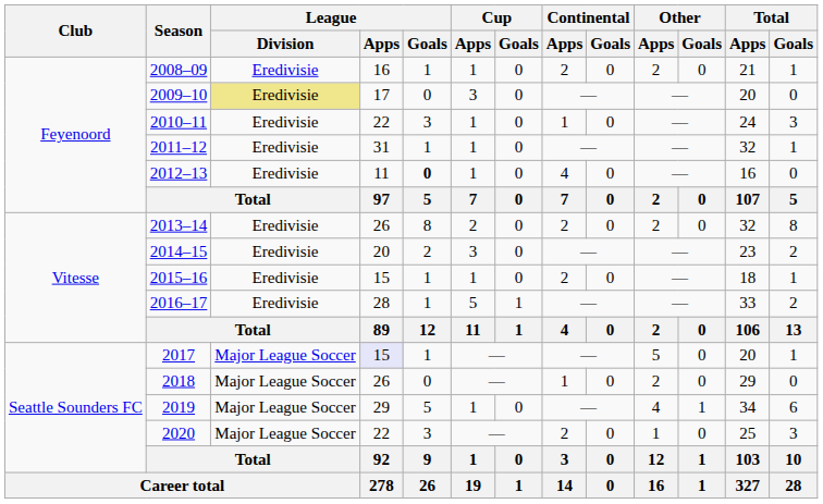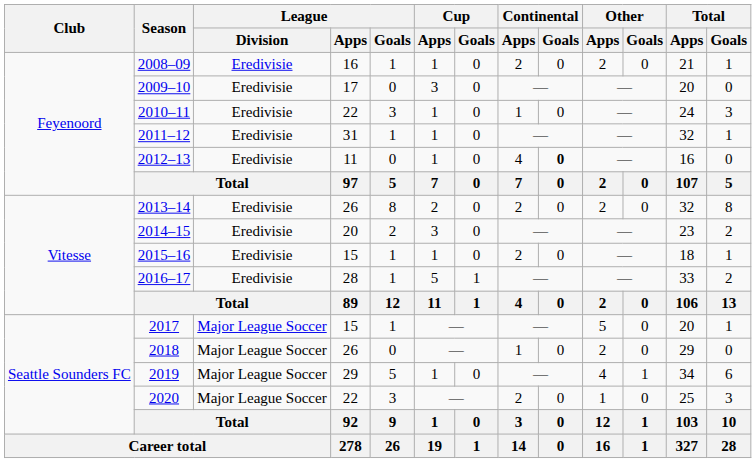 <table class="wikitable" style="text-align: center">
 <tr>
 <th rowspan="2">Club</th>
 <th rowspan="2">Season</th>
 <th colspan="3">League</th>
 <th colspan="2">Cup</th>
 <th colspan="2">Continental</th>
 <th colspan="2">Other</th>
 <th colspan="2">Total</th>
 </tr>
 <tr>
 <th>Division</th>
 <th>Apps</th>
 <th>Goals</th>
 <th>Apps</th>
 <th>Goals</th>
 <th>Apps</th>
 <th>Goals</th>
 <th>Apps</th>
 <th>Goals</th>
 <th>Apps</th>
 <th>Goals</th>
 </tr>
 <tr>
 <td rowspan="6"><a href='#'>Feyenoord</a></td>
 <td><a href='#'>2008–09</a></td>
 <td><a href='#'>Eredivisie</a></td>
 <td>16</td>
 <td>1</td>
 <td>1</td>
 <td>0</td>
 <td>2</td>
 <td>0</td>
 <td>2</td>
 <td>0</td>
 <td>21</td>
 <td>1</td>
 </tr>
 <tr>
 <td><a href='#'>2009–10</a></td>
-<td style="background: khaki;">Eredivisie</td>
+<td>Eredivisie</td>
 <td>17</td>
 <td>0</td>
 <td>3</td>
 <td>0</td>
 <td colspan="2">—</td>
 <td colspan="2">—</td>
 <td>20</td>
 <td>0</td>
 </tr>
 <tr>
 <td><a href='#'>2010–11</a></td>
 <td>Eredivisie</td>
 <td>22</td>
 <td>3</td>
 <td>1</td>
 <td>0</td>
 <td>1</td>
 <td>0</td>
 <td colspan="2">—</td>
 <td>24</td>
 <td>3</td>
 </tr>
 <tr>
 <td><a href='#'>2011–12</a></td>
 <td>Eredivisie</td>
 <td>31</td>
 <td>1</td>
 <td>1</td>
 <td>0</td>
 <td colspan="2">—</td>
 <td colspan="2">—</td>
 <td>32</td>
 <td>1</td>
 </tr>
 <tr>
 <td><a href='#'>2012–13</a></td>
 <td>Eredivisie</td>
 <td>11</td>
-<td><strong>0</strong></td>
+<td>0</td>
 <td>1</td>
 <td>0</td>
 <td>4</td>
-<td>0</td>
+<td><strong>0</strong></td>
 <td colspan="2">—</td>
 <td>16</td>
 <td>0</td>
 </tr>
 <tr>
 <th colspan="2">Total</th>
 <th>97</th>
 <th>5</th>
 <th>7</th>
 <th>0</th>
 <th>7</th>
 <th>0</th>
 <th>2</th>
 <th>0</th>
 <th>107</th>
 <th>5</th>
 </tr>
 <tr>
 <td rowspan="5"><a href='#'>Vitesse</a></td>
 <td><a href='#'>2013–14</a></td>
 <td>Eredivisie</td>
 <td>26</td>
 <td>8</td>
 <td>2</td>
 <td>0</td>
 <td>2</td>
 <td>0</td>
 <td>2</td>
 <td>0</td>
 <td>32</td>
 <td>8</td>
 </tr>
 <tr>
 <td><a href='#'>2014–15</a></td>
 <td>Eredivisie</td>
 <td>20</td>
 <td>2</td>
 <td>3</td>
 <td>0</td>
 <td colspan="2">—</td>
 <td colspan="2">—</td>
 <td>23</td>
 <td>2</td>
 </tr>
 <tr>
 <td><a href='#'>2015–16</a></td>
 <td>Eredivisie</td>
 <td>15</td>
 <td>1</td>
 <td>1</td>
 <td>0</td>
 <td>2</td>
 <td>0</td>
 <td colspan="2">—</td>
 <td>18</td>
 <td>1</td>
 </tr>
 <tr>
 <td><a href='#'>2016–17</a></td>
 <td>Eredivisie</td>
 <td>28</td>
 <td>1</td>
 <td>5</td>
 <td>1</td>
 <td colspan="2">—</td>
 <td colspan="2">—</td>
 <td>33</td>
 <td>2</td>
 </tr>
 <tr>
 <th colspan="2">Total</th>
 <th>89</th>
 <th>12</th>
 <th>11</th>
 <th>1</th>
 <th>4</th>
 <th>0</th>
 <th>2</th>
 <th>0</th>
 <th>106</th>
 <th>13</th>
 </tr>
 <tr>
 <td rowspan="5"><a href='#'>Seattle Sounders FC</a></td>
 <td><a href='#'>2017</a></td>
 <td><a href='#'>Major League Soccer</a></td>
-<td style="background: lavender;">15</td>
+<td>15</td>
 <td>1</td>
 <td colspan="2">—</td>
 <td colspan="2">—</td>
 <td>5</td>
 <td>0</td>
 <td>20</td>
 <td>1</td>
 </tr>
 <tr>
 <td><a href='#'>2018</a></td>
 <td>Major League Soccer</td>
 <td>26</td>
 <td>0</td>
 <td colspan="2">—</td>
 <td>1</td>
 <td>0</td>
 <td>2</td>
 <td>0</td>
 <td>29</td>
 <td>0</td>
 </tr>
 <tr>
 <td><a href='#'>2019</a></td>
 <td>Major League Soccer</td>
 <td>29</td>
 <td>5</td>
 <td>1</td>
 <td>0</td>
 <td colspan="2">—</td>
 <td>4</td>
 <td>1</td>
 <td>34</td>
 <td>6</td>
 </tr>
 <tr>
 <td><a href='#'>2020</a></td>
 <td>Major League Soccer</td>
 <td>22</td>
 <td>3</td>
 <td colspan="2">—</td>
 <td>2</td>
 <td>0</td>
 <td>1</td>
 <td>0</td>
 <td>25</td>
 <td>3</td>
 </tr>
 <tr>
 <th colspan="2">Total</th>
 <th>92</th>
 <th>9</th>
 <th>1</th>
 <th>0</th>
 <th>3</th>
 <th>0</th>
 <th>12</th>
 <th>1</th>
 <th>103</th>
 <th>10</th>
 </tr>
 <tr>
 <th colspan="3">Career total</th>
 <th>278</th>
 <th>26</th>
 <th>19</th>
 <th>1</th>
 <th>14</th>
 <th>0</th>
 <th>16</th>
 <th>1</th>
 <th>327</th>
 <th>28</th>
 </tr>
 </table>
